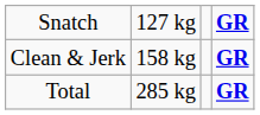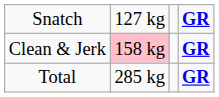 <table class = "wikitable" style="text-align:center;">
 <tr>
 <td>Snatch</td>
 <td>127 kg</td>
 <td align=left></td>
 <td><strong><a href='#'>GR</a></strong></td>
 </tr>
 <tr>
 <td>Clean & Jerk</td>
-<td>158 kg</td>
+<td style="background: pink;">158 kg</td>
 <td align=left></td>
 <td><strong><a href='#'>GR</a></strong></td>
 </tr>
 <tr>
 <td>Total</td>
 <td>285 kg</td>
 <td align=left></td>
 <td><strong><a href='#'>GR</a></strong></td>
 </tr>
 </table>
